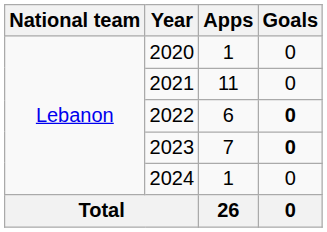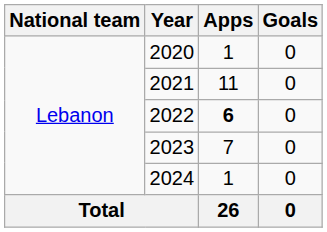 <table class="wikitable" style="text-align:center">
 <tr>
 <th>National team</th>
 <th>Year</th>
 <th>Apps</th>
 <th>Goals</th>
 </tr>
 <tr>
 <td rowspan="5"><a href='#'>Lebanon</a></td>
 <td>2020</td>
 <td>1</td>
 <td>0</td>
 </tr>
 <tr>
 <td>2021</td>
 <td>11</td>
 <td>0</td>
 </tr>
 <tr>
 <td>2022</td>
-<td>6</td>
-<td><strong>0</strong></td>
+<td><strong>6</strong></td>
+<td>0</td>
 </tr>
 <tr>
 <td>2023</td>
 <td>7</td>
-<td><strong>0</strong></td>
+<td>0</td>
 </tr>
 <tr>
 <td>2024</td>
 <td>1</td>
 <td>0</td>
 </tr>
 <tr>
 <th colspan="2">Total</th>
 <th>26</th>
 <th>0</th>
 </tr>
 </table>
